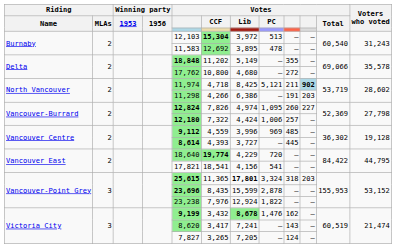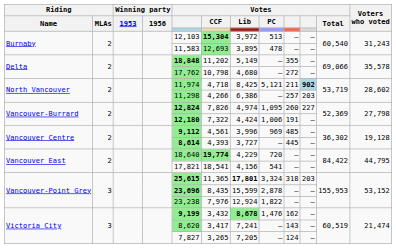 <table class="wikitable" style="text-align:right; font-size:85%">
 <tr>
 <th colspan="2">Riding</th>
 <th scope="col" colspan="2">Winning party</th>
 <th scope="col" colspan="7">Votes</th>
 <th rowspan="3" scope="col">Voters<br>who voted</th>
 </tr>
 <tr>
 <th rowspan="2">Name</th>
 <th rowspan="2">MLAs</th>
 <th rowspan="2"><strong><a href='#'>1953</a></strong></th>
 <th rowspan="2">1956</th>
 <th scope="col"></th>
 <th scope="col">CCF</th>
 <th scope="col">Lib</th>
 <th scope="col">PC</th>
 <th scope="col"></th>
 <th scope="col"></th>
 <th rowspan="2" scope="col">Total</th>
 </tr>
 <tr>
 <th scope="col" style="background-color:#ADD8E6;"></th>
 <th scope="col" style="background-color:#EEDDAA;"></th>
 <th scope="col" style="background-color:#A51B12;"></th>
 <th scope="col" style="background-color:#9999FF;"></th>
 <th scope="col" style="background-color:#FF6347;"></th>
 <th scope="col" style="background-color:#DCDCDC;"></th>
 </tr>
 <tr>
 <td rowspan="2" style="text-align:left"><a href='#'>Burnaby</a></td>
 <td rowspan="2">2</td>
 <td rowspan="2"></td>
 <td rowspan="2"></td>
 <td>12,103</td>
 <td style="background-color:lightgreen;"><strong>15,304</strong></td>
 <td>3,972</td>
 <td>513</td>
 <td>–</td>
 <td>–</td>
 <td rowspan="2">60,540</td>
 <td rowspan="2">31,243</td>
 </tr>
 <tr>
 <td>11,583</td>
-<td style="background-color:lightgreen;">12,692</td>
+<td style="background-color:lightgreen;">12,693</td>
 <td>3,895</td>
 <td>478</td>
 <td>–</td>
 <td>–</td>
 </tr>
 <tr>
 <td rowspan="2" style="text-align:left"><a href='#'>Delta</a></td>
 <td rowspan="2">2</td>
 <td rowspan="2"></td>
 <td rowspan="2"></td>
 <td style="background-color:lightgreen;"><strong>18,848</strong></td>
 <td>11,202</td>
 <td>5,149</td>
 <td>–</td>
 <td>355</td>
 <td>–</td>
 <td rowspan="2">69,066</td>
 <td rowspan="2">35,578</td>
 </tr>
 <tr>
 <td style="background-color:lightgreen;">17,762</td>
-<td>10,800</td>
+<td>10,798</td>
 <td>4,680</td>
 <td>–</td>
 <td>272</td>
 <td>–</td>
 </tr>
 <tr>
 <td rowspan="2" style="text-align:left"><a href='#'>North Vancouver</a></td>
 <td rowspan="2">2</td>
 <td rowspan="2"></td>
 <td rowspan="2"></td>
 <td style="background-color:lightgreen;">11,974</td>
 <td>4,718</td>
 <td>8,425</td>
 <td>5,121</td>
 <td>211</td>
 <td style="background-color:#ADD8E6;"><strong>902</strong></td>
 <td rowspan="2">53,719</td>
 <td rowspan="2">28,602</td>
 </tr>
 <tr>
 <td style="background-color:lightgreen;">11,298</td>
 <td>4,266</td>
 <td>6,386</td>
 <td>–</td>
-<td>191</td>
+<td>257</td>
 <td>203</td>
 </tr>
 <tr>
 <td rowspan="2" style="text-align:left"><a href='#'>Vancouver-Burrard</a></td>
 <td rowspan="2">2</td>
 <td rowspan="2"></td>
 <td rowspan="2"></td>
 <td style="background-color:lightgreen;"><strong>12,824</strong></td>
 <td>7,826</td>
 <td>4,974</td>
 <td>1,095</td>
 <td>260</td>
 <td>227</td>
 <td rowspan="2">52,369</td>
 <td rowspan="2">27,798</td>
 </tr>
 <tr>
 <td style="background-color:lightgreen;"><strong>12,180</strong></td>
 <td>7,322</td>
 <td>4,424</td>
 <td>1,006</td>
-<td>257</td>
+<td>191</td>
 <td>–</td>
 </tr>
 <tr>
 <td rowspan="2" style="text-align:left"><a href='#'>Vancouver Centre</a></td>
 <td rowspan="2">2</td>
 <td rowspan="2"></td>
 <td rowspan="2"></td>
 <td style="background-color:lightgreen;"><strong>9,112</strong></td>
-<td>4,559</td>
+<td>4,561</td>
 <td>3,996</td>
 <td>969</td>
 <td>485</td>
 <td>–</td>
 <td rowspan="2">36,302</td>
 <td rowspan="2">19,128</td>
 </tr>
 <tr>
 <td style="background-color:lightgreen;"><strong>8,614</strong></td>
 <td>4,393</td>
 <td>3,727</td>
 <td>–</td>
 <td>445</td>
 <td>–</td>
 </tr>
 <tr – ||>
 <td rowspan="2" style="text-align:left"><a href='#'>Vancouver East</a></td>
 <td rowspan="2">2</td>
 <td rowspan="2"></td>
 <td rowspan="2"></td>
 <td style="background-color:lightgreen;">18,640</td>
 <td style="background-color:lightgreen;"><strong>19,774</strong></td>
 <td>4,229</td>
 <td>720</td>
 <td>–</td>
 <td>–</td>
 <td rowspan="2">84,422</td>
 <td rowspan="2">44,795</td>
 </tr>
 <tr>
 <td>17,821</td>
 <td>18,541</td>
 <td>4,156</td>
 <td>541</td>
 <td>–</td>
 <td>–</td>
 </tr>
 <tr>
 <td rowspan="3" style="text-align:left"><a href='#'>Vancouver-Point Grey</a></td>
 <td rowspan="3">3</td>
 <td rowspan="3"></td>
 <td rowspan="3"></td>
 <td style="background-color:lightgreen;"><strong>25,615</strong></td>
 <td>11,365</td>
 <td><strong>17,801</strong></td>
 <td>3,324</td>
 <td>318</td>
 <td>203</td>
 <td rowspan="3">155,953</td>
 <td rowspan="3">53,152</td>
 </tr>
 <tr>
 <td style="background-color:lightgreen;"><strong>23,696</strong></td>
 <td>8,435</td>
 <td>15,599</td>
 <td>2,878</td>
 <td>–</td>
 <td>–</td>
 </tr>
 <tr>
 <td style="background-color:lightgreen;">23,238</td>
 <td>7,976</td>
 <td>12,924</td>
 <td>1,822</td>
 <td>–</td>
 <td>–</td>
 </tr>
 <tr>
 <td rowspan="3" style="text-align:left"><a href='#'>Victoria City</a></td>
 <td rowspan="3">3</td>
 <td rowspan="3"></td>
 <td rowspan="3"></td>
 <td style="background-color:lightgreen;"><strong>9,199</strong></td>
 <td>3,432</td>
 <td style="background-color:lightgreen;"><strong>8,678</strong></td>
 <td>1,476</td>
 <td>162</td>
 <td>–</td>
 <td rowspan="3">60,519</td>
 <td rowspan="3">21,474</td>
 </tr>
 <tr>
 <td style="background-color:lightgreen;">8,620</td>
 <td>3,417</td>
 <td>7,241</td>
 <td>–</td>
 <td>143</td>
 <td>–</td>
 </tr>
 <tr>
 <td>7,827</td>
 <td>3,265</td>
 <td>7,205</td>
 <td>–</td>
 <td>124</td>
 <td>–</td>
 </tr>
 </table>
